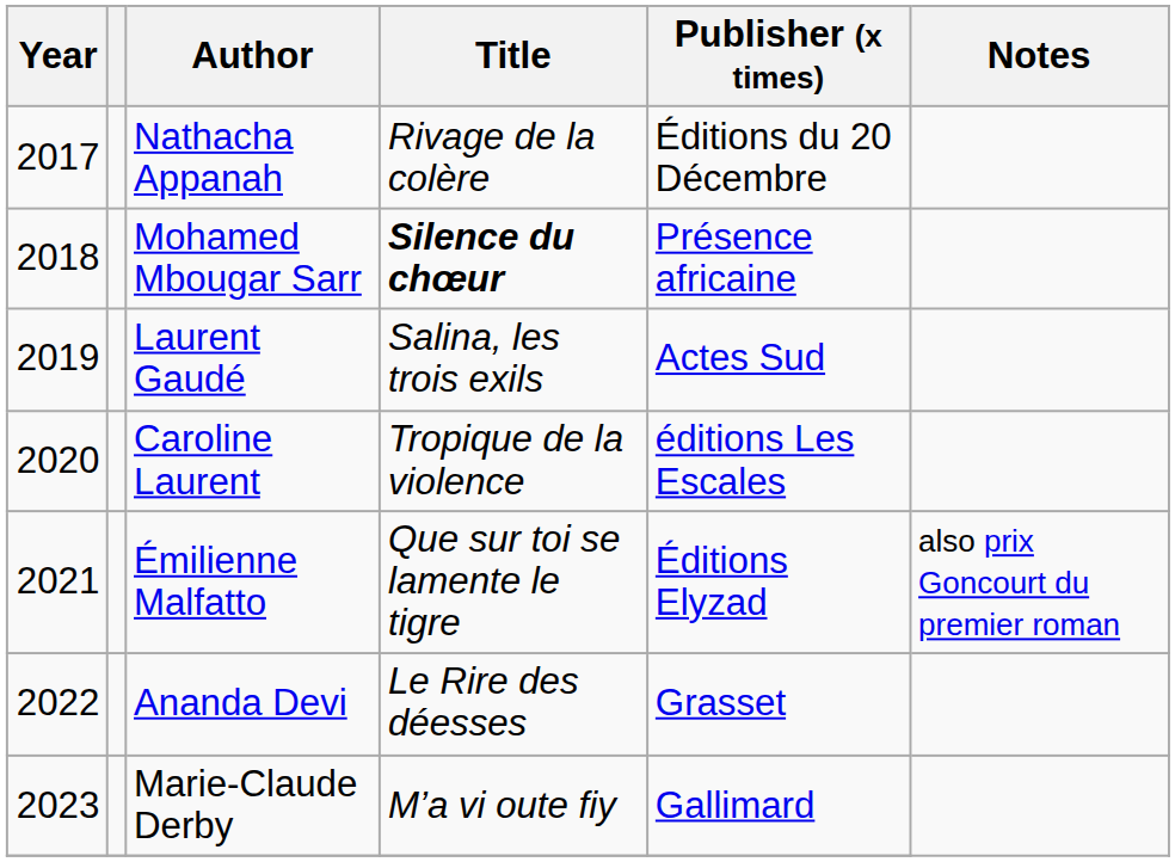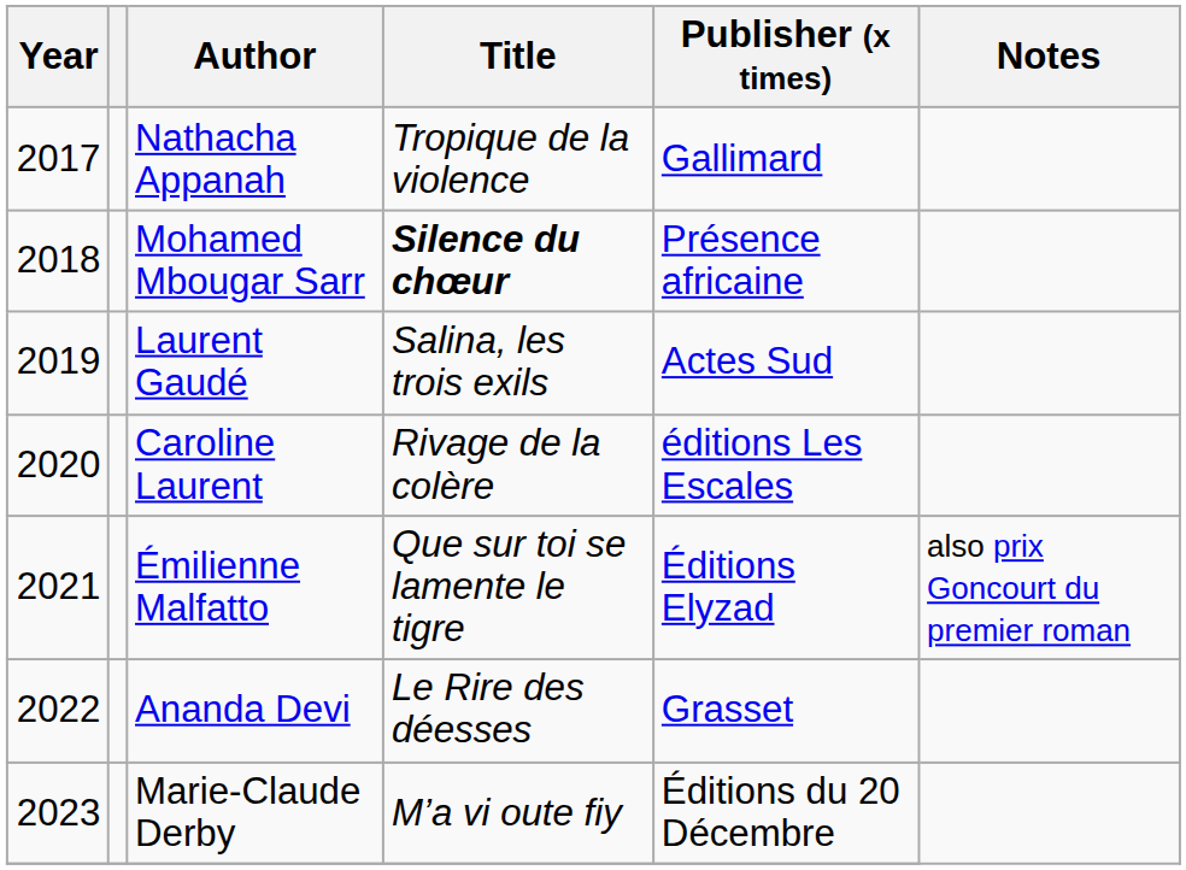 <table width="80%" class="wikitable sortable" align="center" style="margin:1em auto;">
 <tr>
 <th>Year</th>
 <th></th>
 <th>Author</th>
 <th>Title</th>
 <th>Publisher <small>(x times)</small></th>
 <th>Notes</th>
 </tr>
 <tr>
 <td>2017</td>
 <td></td>
 <td><a href='#'>Nathacha Appanah</a></td>
-<td><em>Rivage de la colère</em></td>
-<td>Éditions du 20 Décembre</td>
+<td><em>Tropique de la violence</em></td>
+<td><a href='#'>Gallimard</a></td>
 <td></td>
 </tr>
 <tr>
 <td>2018</td>
 <td></td>
 <td><a href='#'>Mohamed Mbougar Sarr</a></td>
 <td><strong><em>Silence du chœur</em></strong></td>
 <td><a href='#'>Présence africaine</a></td>
 <td></td>
 </tr>
 <tr>
 <td>2019</td>
 <td></td>
 <td><a href='#'>Laurent Gaudé</a></td>
 <td><em>Salina, les trois exils</em></td>
 <td><a href='#'>Actes Sud</a></td>
 <td></td>
 </tr>
 <tr>
 <td>2020</td>
 <td></td>
 <td><a href='#'>Caroline Laurent</a></td>
-<td><em>Tropique de la violence</em></td>
+<td><em>Rivage de la colère</em></td>
 <td><a href='#'>éditions Les Escales</a></td>
 <td></td>
 </tr>
 <tr>
 <td>2021</td>
 <td></td>
 <td><a href='#'>Émilienne Malfatto</a></td>
 <td><em>Que sur toi se lamente le tigre</em></td>
 <td><a href='#'>Éditions Elyzad</a></td>
 <td><small>also <a href='#'>prix Goncourt du premier roman</a></small></td>
 </tr>
 <tr>
 <td>2022</td>
 <td></td>
 <td><a href='#'>Ananda Devi</a></td>
 <td><em>Le Rire des déesses</em></td>
 <td><a href='#'>Grasset</a></td>
 <td></td>
 </tr>
 <tr>
 <td>2023</td>
 <td></td>
 <td>Marie-Claude Derby</td>
 <td><em>M’a vi oute fiy</em></td>
-<td><a href='#'>Gallimard</a></td>
+<td>Éditions du 20 Décembre</td>
 </tr>
 <tr>
 </tr>
 </table>
